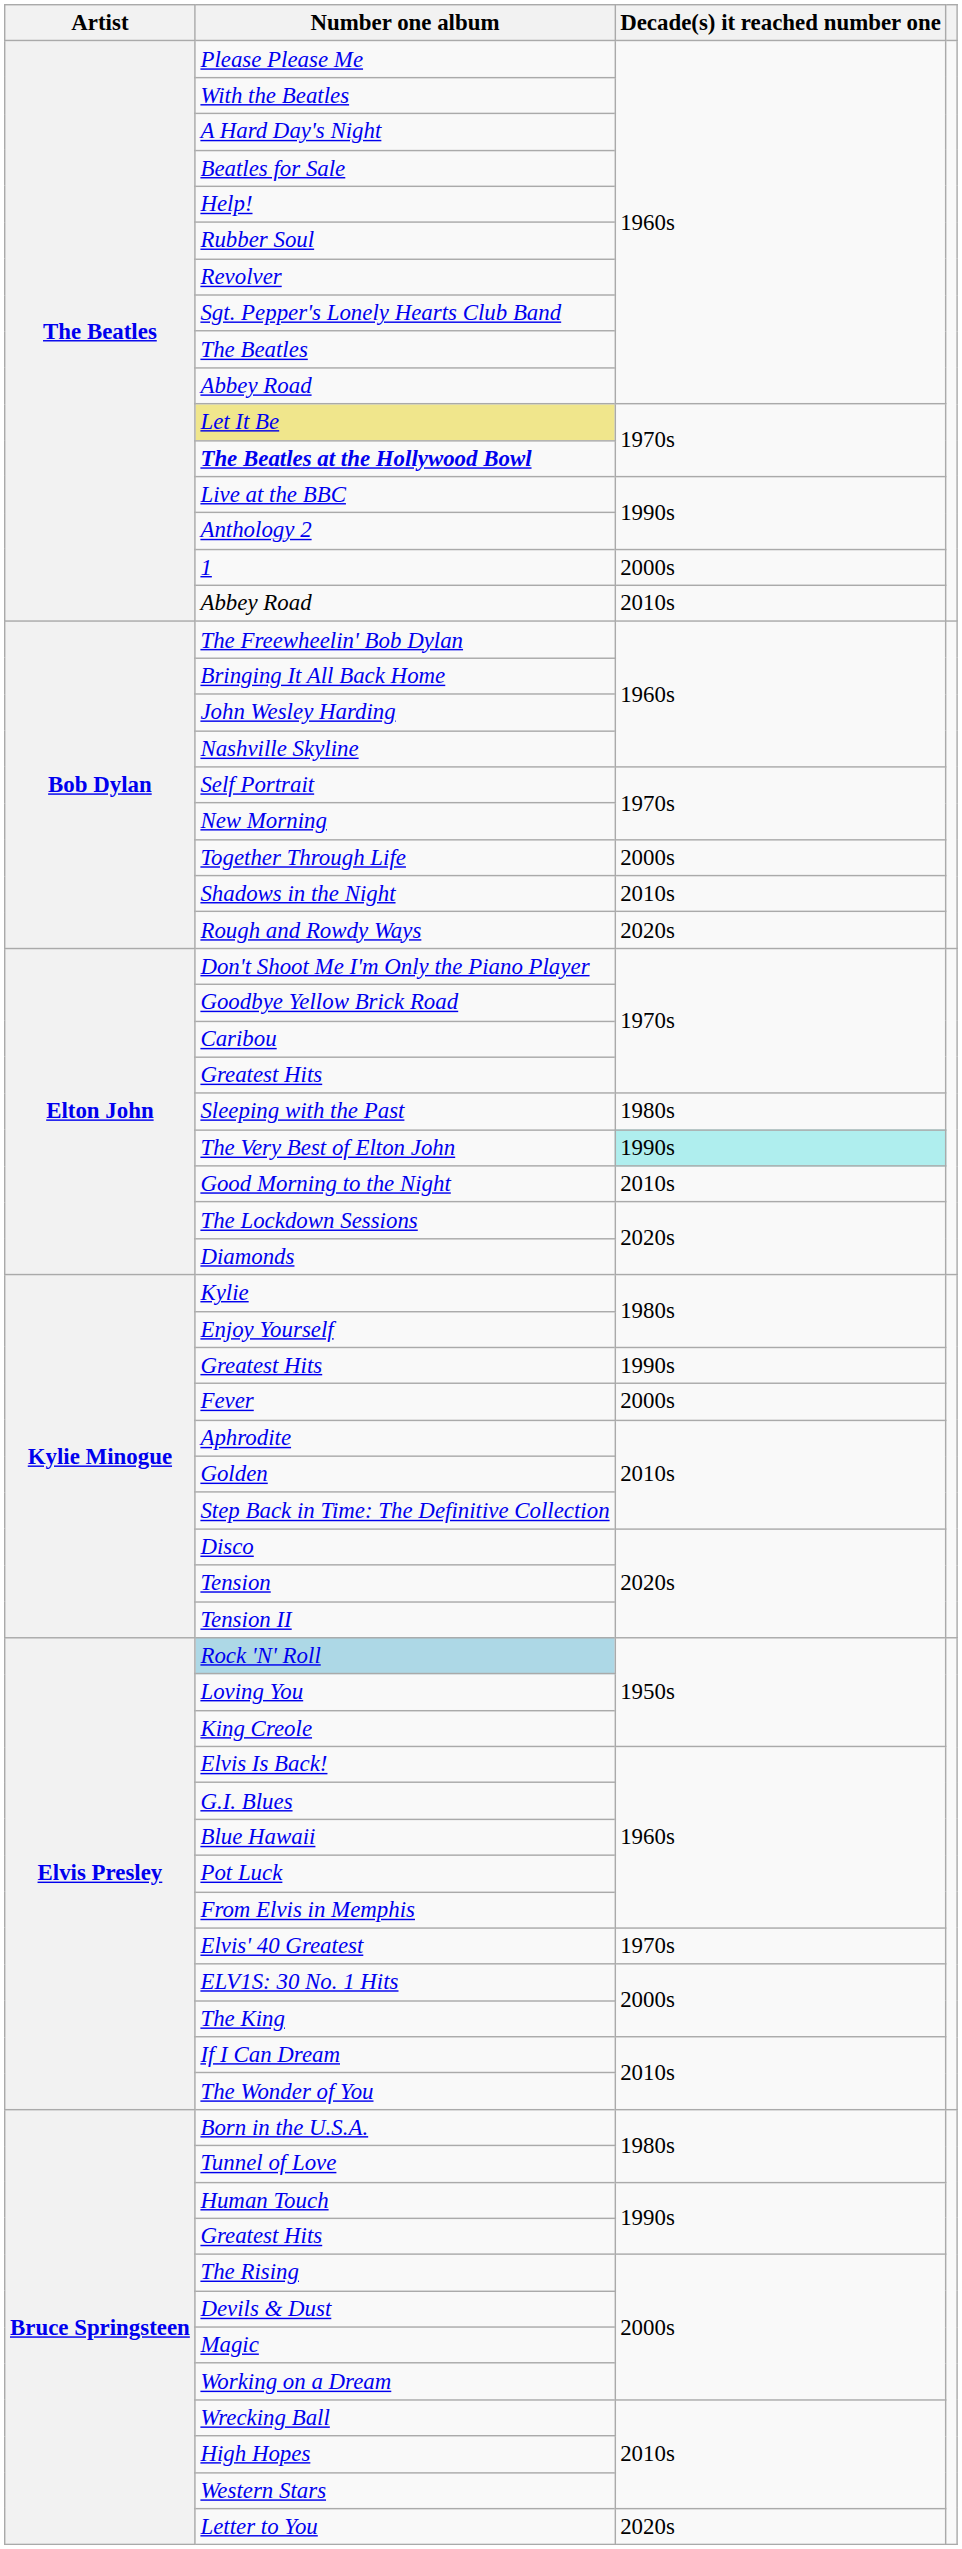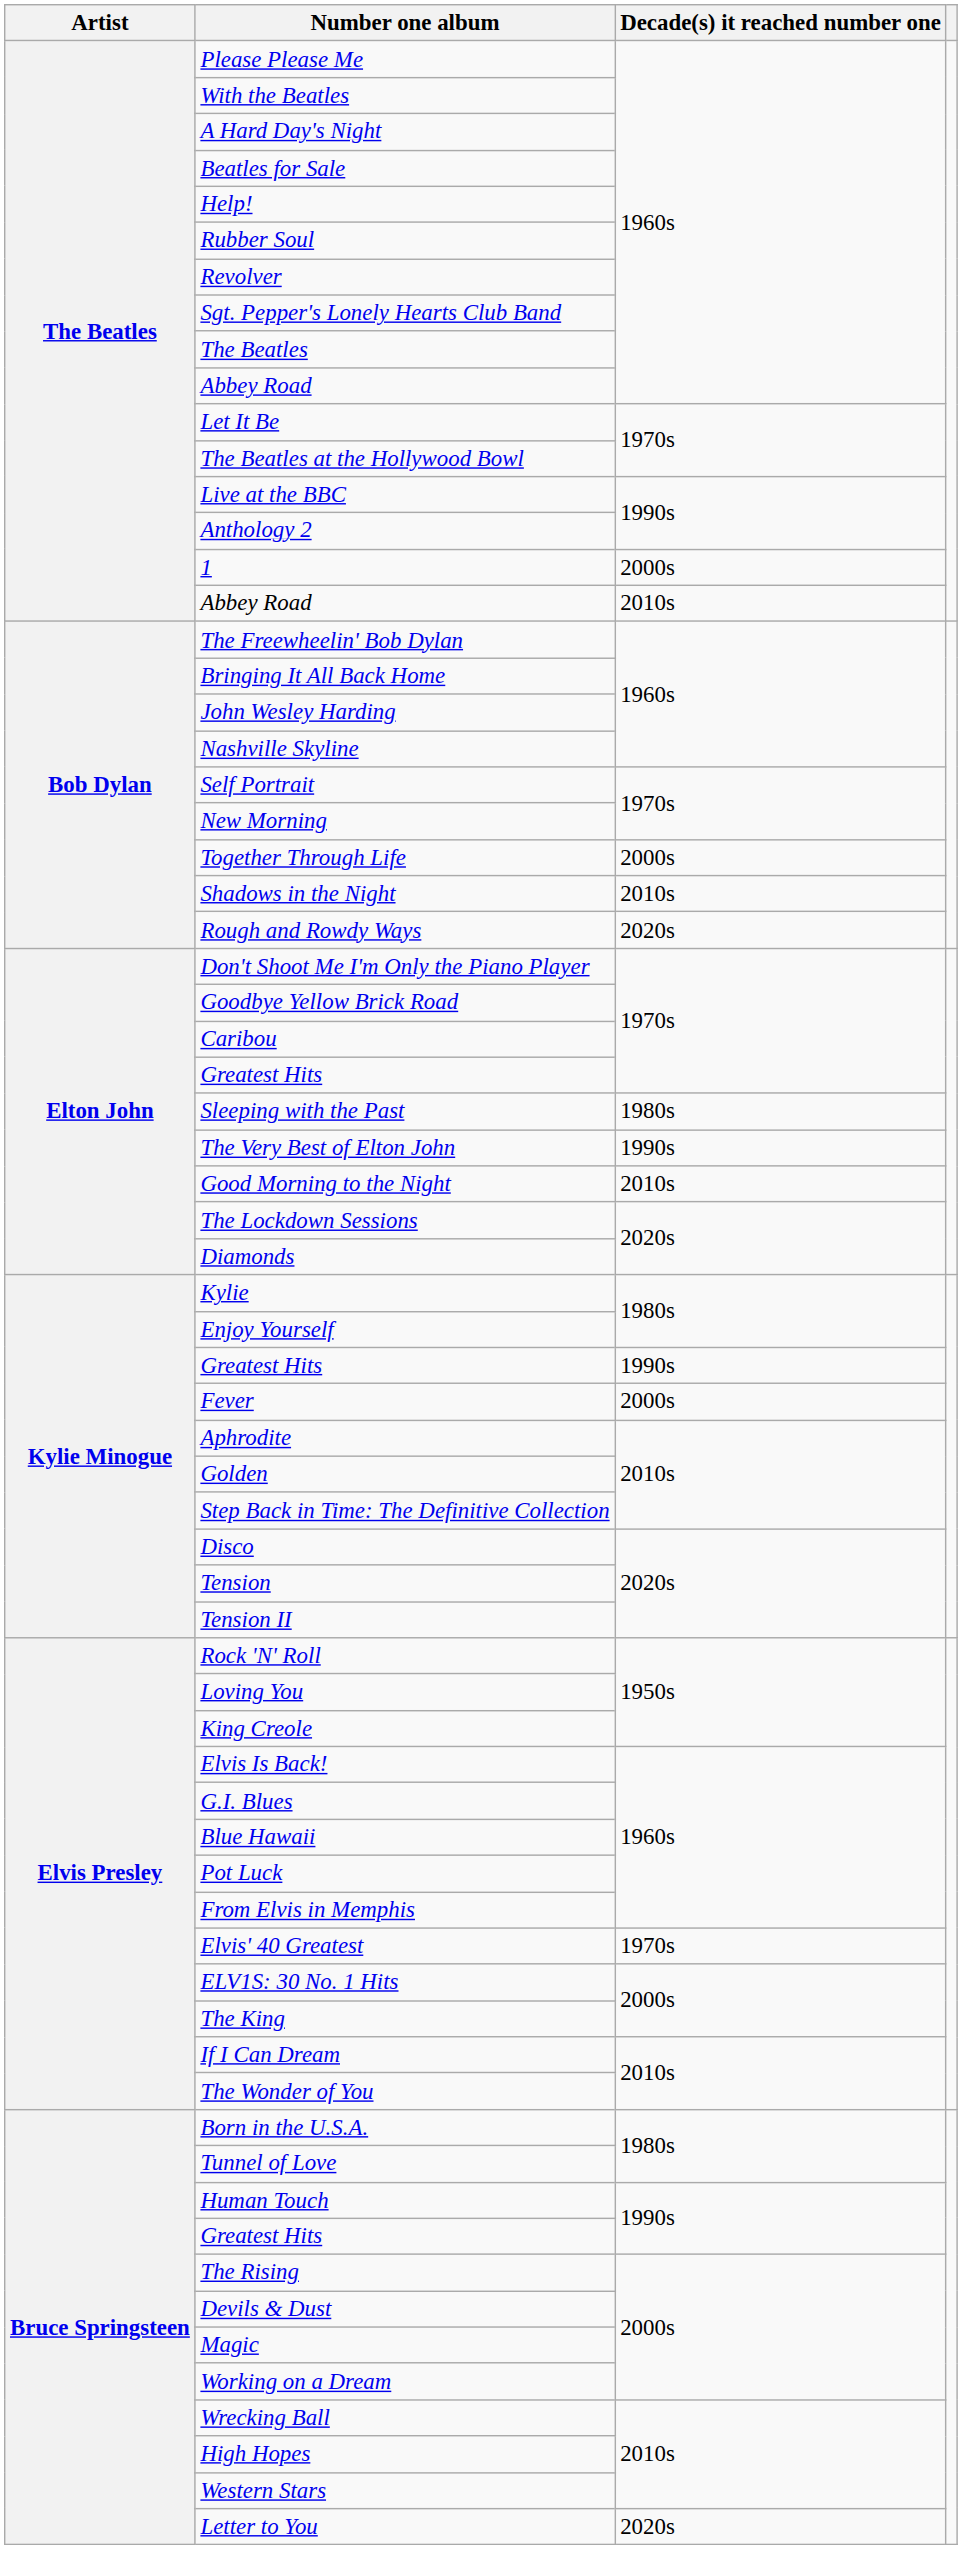 <table class="wikitable plainrowheaders">
 <tr>
 <th>Artist</th>
 <th>Number one album</th>
 <th>Decade(s) it reached number one</th>
 <th></th>
 </tr>
 <tr>
 <th scope=row rowspan=16><a href='#'>The Beatles</a></th>
 <td><em><a href='#'>Please Please Me</a></em></td>
 <td rowspan=10>1960s</td>
 <td rowspan=16></td>
 </tr>
 <tr>
 <td><em><a href='#'>With the Beatles</a></em></td>
 </tr>
 <tr>
 <td><em><a href='#'>A Hard Day's Night</a></em></td>
 </tr>
 <tr>
 <td><em><a href='#'>Beatles for Sale</a></em></td>
 </tr>
 <tr>
 <td><em><a href='#'>Help!</a></em></td>
 </tr>
 <tr>
 <td><em><a href='#'>Rubber Soul</a></em></td>
 </tr>
 <tr>
 <td><em><a href='#'>Revolver</a></em></td>
 </tr>
 <tr>
 <td><em><a href='#'>Sgt. Pepper's Lonely Hearts Club Band</a></em></td>
 </tr>
 <tr>
 <td><em><a href='#'>The Beatles</a></em></td>
 </tr>
 <tr>
 <td><em><a href='#'>Abbey Road</a></em></td>
 </tr>
 <tr>
-<td style="background: khaki;"><em><a href='#'>Let It Be</a></em></td>
+<td><em><a href='#'>Let It Be</a></em></td>
 <td rowspan=2>1970s</td>
 </tr>
 <tr>
-<td><strong><em><a href='#'>The Beatles at the Hollywood Bowl</a></em></strong></td>
+<td><em><a href='#'>The Beatles at the Hollywood Bowl</a></em></td>
 </tr>
 <tr>
 <td><em><a href='#'>Live at the BBC</a></em></td>
 <td rowspan=2>1990s</td>
 </tr>
 <tr>
 <td><em><a href='#'>Anthology 2</a></em></td>
 </tr>
 <tr>
 <td><em><a href='#'>1</a></em></td>
 <td>2000s</td>
 </tr>
 <tr>
 <td><em>Abbey Road</em></td>
 <td>2010s</td>
 </tr>
 <tr>
 <th scope=row rowspan=9><a href='#'>Bob Dylan</a></th>
 <td><em><a href='#'>The Freewheelin' Bob Dylan</a></em></td>
 <td rowspan=4>1960s</td>
 <td rowspan=9></td>
 </tr>
 <tr>
 <td><em><a href='#'>Bringing It All Back Home</a></em></td>
 </tr>
 <tr>
 <td><em><a href='#'>John Wesley Harding</a></em></td>
 </tr>
 <tr>
 <td><em><a href='#'>Nashville Skyline</a></em></td>
 </tr>
 <tr>
 <td><em><a href='#'>Self Portrait</a></em></td>
 <td rowspan=2>1970s</td>
 </tr>
 <tr>
 <td><em><a href='#'>New Morning</a></em></td>
 </tr>
 <tr>
 <td><em><a href='#'>Together Through Life</a></em></td>
 <td>2000s</td>
 </tr>
 <tr>
 <td><em><a href='#'>Shadows in the Night</a></em></td>
 <td>2010s</td>
 </tr>
 <tr>
 <td><em><a href='#'>Rough and Rowdy Ways</a></em></td>
 <td>2020s</td>
 </tr>
 <tr>
 <th scope=row rowspan=9><a href='#'>Elton John</a></th>
 <td><em><a href='#'>Don't Shoot Me I'm Only the Piano Player</a></em></td>
 <td rowspan=4>1970s</td>
 <td rowspan=9></td>
 </tr>
 <tr>
 <td><em><a href='#'>Goodbye Yellow Brick Road</a></em></td>
 </tr>
 <tr>
 <td><em><a href='#'>Caribou</a></em></td>
 </tr>
 <tr>
 <td><em><a href='#'>Greatest Hits</a></em></td>
 </tr>
 <tr>
 <td><em><a href='#'>Sleeping with the Past</a></em></td>
 <td>1980s</td>
 </tr>
 <tr>
 <td><em><a href='#'>The Very Best of Elton John</a></em></td>
-<td style="background: paleturquoise;">1990s</td>
+<td>1990s</td>
 </tr>
 <tr>
 <td><em><a href='#'>Good Morning to the Night</a></em></td>
 <td>2010s</td>
 </tr>
 <tr>
 <td><em><a href='#'>The Lockdown Sessions</a></em></td>
 <td rowspan=2>2020s</td>
 </tr>
 <tr>
 <td><em><a href='#'>Diamonds</a></em></td>
 </tr>
 <tr>
 <th scope=row rowspan=10><a href='#'>Kylie Minogue</a></th>
 <td><em><a href='#'>Kylie</a></em></td>
 <td rowspan=2>1980s</td>
 <td rowspan=10></td>
 </tr>
 <tr>
 <td><em><a href='#'>Enjoy Yourself</a></em></td>
 </tr>
 <tr>
 <td><em><a href='#'>Greatest Hits</a></em></td>
 <td>1990s</td>
 </tr>
 <tr>
 <td><em><a href='#'>Fever</a></em></td>
 <td>2000s</td>
 </tr>
 <tr>
 <td><em><a href='#'>Aphrodite</a></em></td>
 <td rowspan=3>2010s</td>
 </tr>
 <tr>
 <td><em><a href='#'>Golden</a></em></td>
 </tr>
 <tr>
 <td><em><a href='#'>Step Back in Time: The Definitive Collection</a></em></td>
 </tr>
 <tr>
 <td><em><a href='#'>Disco</a></em></td>
 <td rowspan=3>2020s</td>
 </tr>
 <tr>
 <td><em><a href='#'>Tension</a></em></td>
 </tr>
 <tr>
 <td><em><a href='#'>Tension II</a></em></td>
 </tr>
 <tr>
 <th scope=row rowspan=13><a href='#'>Elvis Presley</a></th>
-<td style="background: lightblue;"><em><a href='#'>Rock 'N' Roll</a></em></td>
+<td><em><a href='#'>Rock 'N' Roll</a></em></td>
 <td rowspan=3>1950s</td>
 <td rowspan=13></td>
 </tr>
 <tr>
 <td><em><a href='#'>Loving You</a></em></td>
 </tr>
 <tr>
 <td><em><a href='#'>King Creole</a></em></td>
 </tr>
 <tr>
 <td><em><a href='#'>Elvis Is Back!</a></em></td>
 <td rowspan=5>1960s</td>
 </tr>
 <tr>
 <td><em><a href='#'>G.I. Blues</a></em></td>
 </tr>
 <tr>
 <td><em><a href='#'>Blue Hawaii</a></em></td>
 </tr>
 <tr>
 <td><em><a href='#'>Pot Luck</a></em></td>
 </tr>
 <tr>
 <td><em><a href='#'>From Elvis in Memphis</a></em></td>
 </tr>
 <tr>
 <td><em><a href='#'>Elvis' 40 Greatest</a></em></td>
 <td>1970s</td>
 </tr>
 <tr>
 <td><em><a href='#'>ELV1S: 30 No. 1 Hits</a></em></td>
 <td rowspan=2>2000s</td>
 </tr>
 <tr>
 <td><em><a href='#'>The King</a></em></td>
 </tr>
 <tr>
 <td><em><a href='#'>If I Can Dream</a></em></td>
 <td rowspan=2>2010s</td>
 </tr>
 <tr>
 <td><em><a href='#'>The Wonder of You</a></em></td>
 </tr>
 <tr>
 <th rowspan=12 scope="row"><a href='#'>Bruce Springsteen</a></th>
 <td><em><a href='#'>Born in the U.S.A.</a></em></td>
 <td rowspan=2>1980s</td>
 <td rowspan=12></td>
 </tr>
 <tr>
 <td><em><a href='#'>Tunnel of Love</a></em></td>
 </tr>
 <tr>
 <td><em><a href='#'>Human Touch</a></em></td>
 <td rowspan=2>1990s</td>
 </tr>
 <tr>
 <td><em><a href='#'>Greatest Hits</a></em></td>
 </tr>
 <tr>
 <td><em><a href='#'>The Rising</a></em></td>
 <td rowspan=4>2000s</td>
 </tr>
 <tr>
 <td><em><a href='#'>Devils & Dust</a></em></td>
 </tr>
 <tr>
 <td><em><a href='#'>Magic</a></em></td>
 </tr>
 <tr>
 <td><em><a href='#'>Working on a Dream</a></em></td>
 </tr>
 <tr>
 <td><em><a href='#'>Wrecking Ball</a></em></td>
 <td rowspan=3>2010s</td>
 </tr>
 <tr>
 <td><em><a href='#'>High Hopes</a></em></td>
 </tr>
 <tr>
 <td><em><a href='#'>Western Stars</a></em></td>
 </tr>
 <tr>
 <td><em><a href='#'>Letter to You</a></em></td>
 <td>2020s</td>
 </tr>
 </table>
